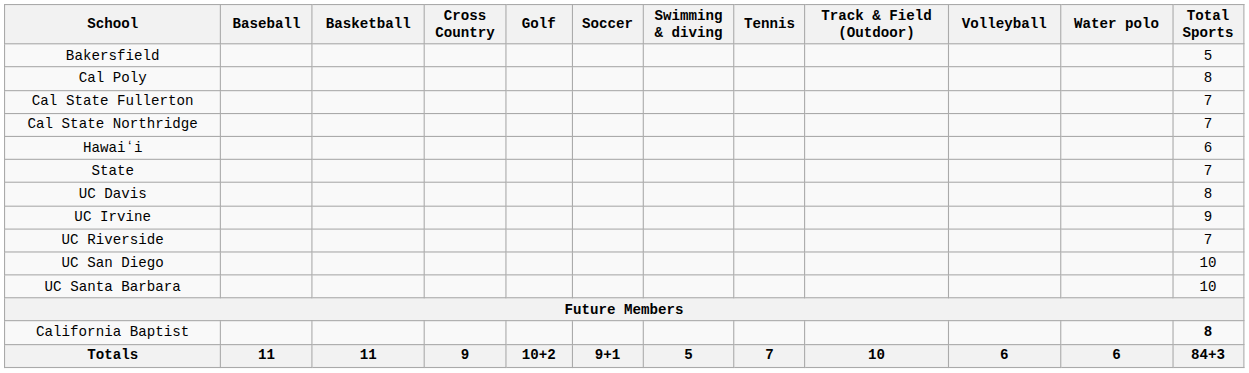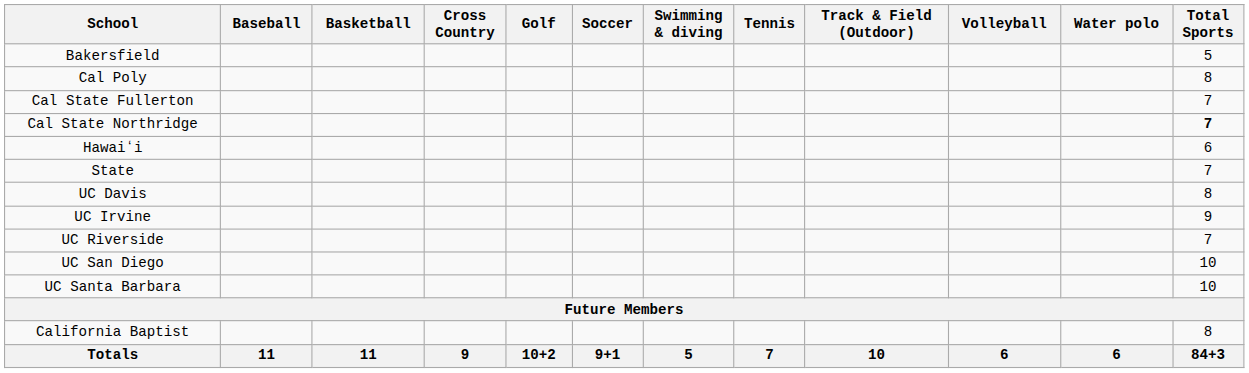 <table class="wikitable" style="text-align:center; width:90%">
 <tr>
 <th>School</th>
 <th>Baseball</th>
 <th>Basketball</th>
 <th>Cross<br>Country</th>
 <th style="width:55px;">Golf</th>
 <th>Soccer</th>
 <th>Swimming<br>& diving</th>
 <th>Tennis</th>
 <th>Track & Field<br>(Outdoor)</th>
 <th>Volleyball</th>
 <th>Water polo</th>
 <th>Total<br> Sports</th>
 </tr>
 <tr>
 <td>Bakersfield</td>
 <td></td>
 <td></td>
 <td></td>
 <td></td>
 <td></td>
 <td></td>
 <td></td>
 <td></td>
 <td></td>
 <td></td>
 <td>5</td>
 </tr>
 <tr>
 <td>Cal Poly</td>
 <td></td>
 <td></td>
 <td></td>
 <td></td>
 <td></td>
 <td></td>
 <td></td>
 <td></td>
 <td></td>
 <td></td>
 <td>8</td>
 </tr>
 <tr>
 <td>Cal State Fullerton</td>
 <td></td>
 <td></td>
 <td></td>
 <td></td>
 <td></td>
 <td></td>
 <td></td>
 <td></td>
 <td></td>
 <td></td>
 <td>7</td>
 </tr>
 <tr>
 <td>Cal State Northridge</td>
 <td></td>
 <td></td>
 <td></td>
 <td></td>
 <td></td>
 <td></td>
 <td></td>
 <td></td>
 <td></td>
 <td></td>
-<td>7</td>
+<td><strong>7</strong></td>
 </tr>
 <tr>
 <td>Hawaiʻi</td>
 <td></td>
 <td></td>
 <td></td>
 <td></td>
 <td></td>
 <td></td>
 <td></td>
 <td></td>
 <td></td>
 <td></td>
 <td>6</td>
 </tr>
 <tr>
 <td> State</td>
 <td></td>
 <td></td>
 <td></td>
 <td></td>
 <td></td>
 <td></td>
 <td></td>
 <td></td>
 <td></td>
 <td></td>
 <td>7</td>
 </tr>
 <tr>
 <td>UC Davis</td>
 <td></td>
 <td></td>
 <td></td>
 <td></td>
 <td></td>
 <td></td>
 <td></td>
 <td></td>
 <td></td>
 <td></td>
 <td>8</td>
 </tr>
 <tr>
 <td>UC Irvine</td>
 <td></td>
 <td></td>
 <td></td>
 <td></td>
 <td></td>
 <td></td>
 <td></td>
 <td></td>
 <td></td>
 <td></td>
 <td>9</td>
 </tr>
 <tr>
 <td>UC Riverside</td>
 <td></td>
 <td></td>
 <td></td>
 <td></td>
 <td></td>
 <td></td>
 <td></td>
 <td></td>
 <td></td>
 <td></td>
 <td>7</td>
 </tr>
 <tr>
 <td>UC San Diego</td>
 <td></td>
 <td></td>
 <td></td>
 <td></td>
 <td></td>
 <td></td>
 <td></td>
 <td></td>
 <td></td>
 <td></td>
 <td>10</td>
 </tr>
 <tr>
 <td>UC Santa Barbara</td>
 <td></td>
 <td></td>
 <td></td>
 <td></td>
 <td></td>
 <td></td>
 <td></td>
 <td></td>
 <td></td>
 <td></td>
 <td>10</td>
 </tr>
 <tr>
 <th colspan="12">Future Members</th>
 </tr>
 <tr>
 <td>California Baptist</td>
 <td></td>
 <td></td>
 <td></td>
 <td></td>
 <td></td>
 <td></td>
 <td></td>
 <td></td>
 <td></td>
 <td></td>
-<td><strong>8</strong></td>
+<td>8</td>
 </tr>
 <tr>
 <th>Totals</th>
 <th>11</th>
 <th>11</th>
 <th>9</th>
 <th>10+2</th>
 <th>9+1</th>
 <th>5</th>
 <th>7</th>
 <th>10</th>
 <th>6</th>
 <th>6</th>
 <th>84+3</th>
 </tr>
 </table>
